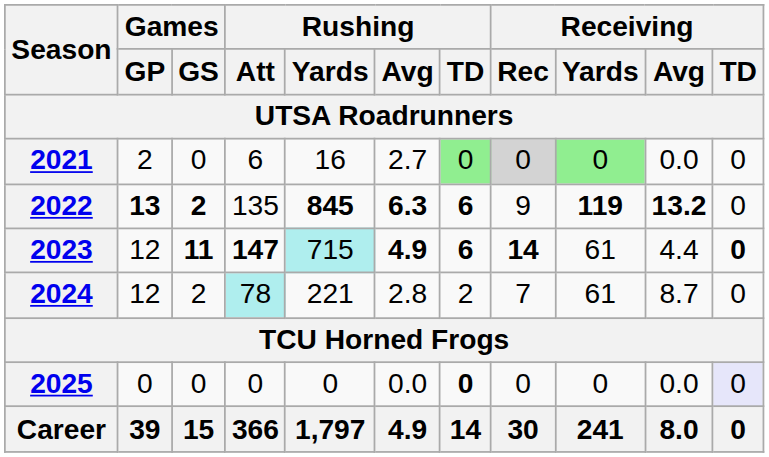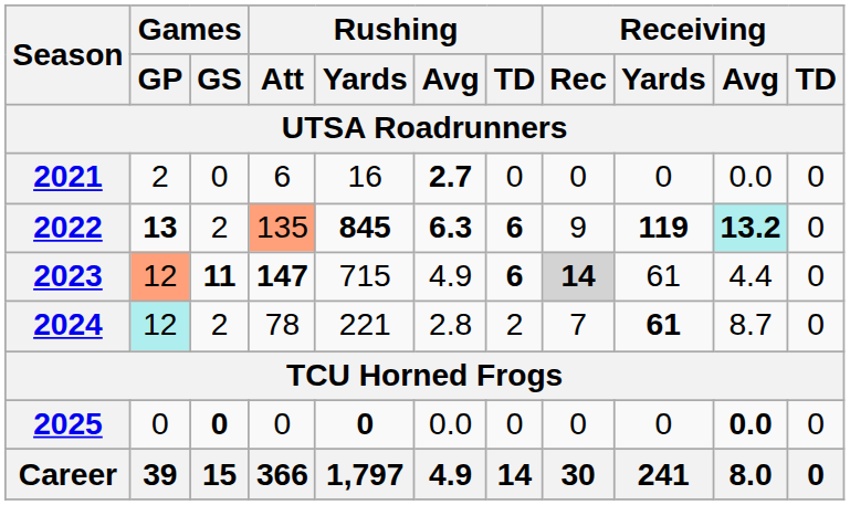 <table class="wikitable" style="text-align:center;">
 <tr>
 <th rowspan="2">Season</th>
 <th colspan="2">Games</th>
 <th colspan="4">Rushing</th>
 <th colspan="4">Receiving</th>
 </tr>
 <tr>
 <th>GP</th>
 <th>GS</th>
 <th>Att</th>
 <th>Yards</th>
 <th>Avg</th>
 <th>TD</th>
 <th>Rec</th>
 <th>Yards</th>
 <th>Avg</th>
 <th>TD</th>
 </tr>
 <tr>
 <th colspan="15">UTSA Roadrunners</th>
 </tr>
 <tr>
 <th><a href='#'>2021</a></th>
 <td>2</td>
 <td>0</td>
 <td>6</td>
 <td>16</td>
-<td>2.7</td>
-<td style="background: lightgreen;">0</td>
-<td style="background: lightgrey;">0</td>
-<td style="background: lightgreen;">0</td>
+<td><strong>2.7</strong></td>
+<td>0</td>
+<td>0</td>
+<td>0</td>
 <td>0.0</td>
 <td>0</td>
 </tr>
 <tr>
 <th><a href='#'>2022</a></th>
 <td><strong>13</strong></td>
-<td><strong>2</strong></td>
-<td>135</td>
+<td>2</td>
+<td style="background: lightsalmon;">135</td>
 <td><strong>845</strong></td>
 <td><strong>6.3</strong></td>
 <td><strong>6</strong></td>
 <td>9</td>
 <td><strong>119</strong></td>
-<td><strong>13.2</strong></td>
+<td style="background: paleturquoise;"><strong>13.2</strong></td>
 <td>0</td>
 </tr>
 <tr>
 <th><a href='#'>2023</a></th>
-<td>12</td>
+<td style="background: lightsalmon;">12</td>
 <td><strong>11</strong></td>
 <td><strong>147</strong></td>
-<td style="background: paleturquoise;">715</td>
-<td><strong>4.9</strong></td>
+<td>715</td>
+<td>4.9</td>
 <td><strong>6</strong></td>
-<td><strong>14</strong></td>
+<td style="background: lightgrey;"><strong>14</strong></td>
 <td>61</td>
 <td>4.4</td>
-<td><strong>0</strong></td>
+<td>0</td>
 </tr>
 <tr>
 <th><a href='#'>2024</a></th>
-<td>12</td>
+<td style="background: paleturquoise;">12</td>
 <td>2</td>
-<td style="background: paleturquoise;">78</td>
+<td>78</td>
 <td>221</td>
 <td>2.8</td>
 <td>2</td>
 <td>7</td>
-<td>61</td>
+<td><strong>61</strong></td>
 <td>8.7</td>
 <td>0</td>
 </tr>
 <tr>
 <th colspan="15">TCU Horned Frogs</th>
 </tr>
 <tr>
 <th><a href='#'>2025</a></th>
 <td>0</td>
+<td><strong>0</strong></td>
+<td>0</td>
+<td><strong>0</strong></td>
+<td>0.0</td>
 <td>0</td>
 <td>0</td>
 <td>0</td>
-<td>0.0</td>
-<td><strong>0</strong></td>
+<td><strong>0.0</strong></td>
 <td>0</td>
-<td>0</td>
-<td>0.0</td>
-<td style="background: lavender;">0</td>
 </tr>
 <tr>
 <th>Career</th>
 <th>39</th>
 <th>15</th>
 <th>366</th>
 <th>1,797</th>
 <th>4.9</th>
 <th>14</th>
 <th>30</th>
 <th>241</th>
 <th>8.0</th>
 <th>0</th>
 </tr>
 </table>
